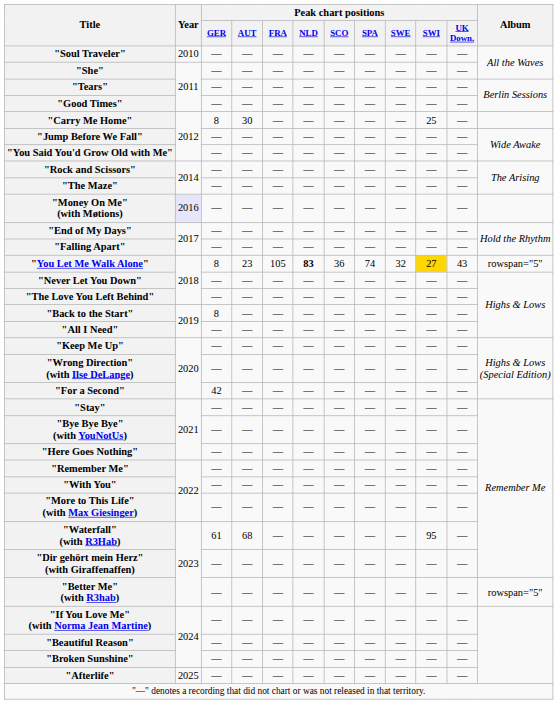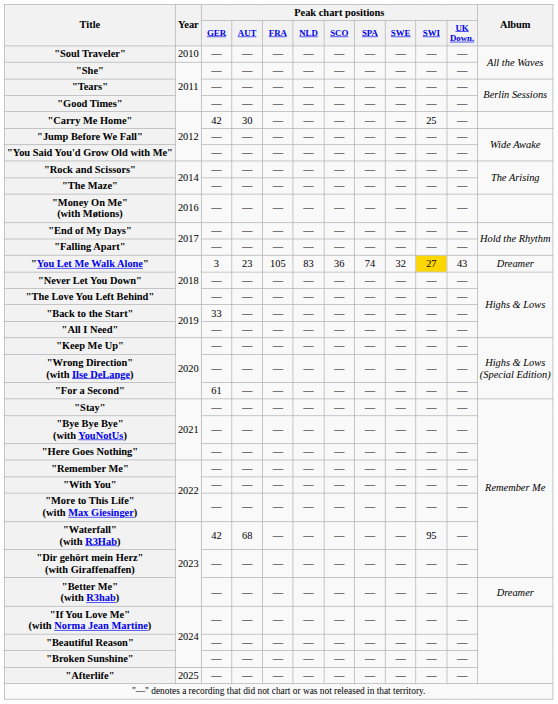 <table class="wikitable plainrowheaders" style="text-align:center;">
 <tr>
 <th scope="col" rowspan="2" style="width:16em;">Title</th>
 <th scope="col" rowspan="2" style="width:1em;">Year</th>
 <th scope="col" colspan="9">Peak chart positions</th>
 <th scope="col" rowspan="2">Album</th>
 </tr>
 <tr>
 <th scope="col" style="width:3em;font-size:85%;"><a href='#'>GER</a><br></th>
 <th scope="col" style="width:3em;font-size:85%;"><a href='#'>AUT</a><br></th>
 <th scope="col" style="width:3em;font-size:85%;"><a href='#'>FRA</a><br></th>
 <th scope="col" style="width:3em;font-size:85%;"><a href='#'>NLD</a><br></th>
 <th scope="col" style="width:3em;font-size:85%;"><a href='#'>SCO</a><br></th>
 <th scope="col" style="width:3em;font-size:85%;"><a href='#'>SPA</a><br></th>
 <th scope="col" style="width:3em;font-size:85%;"><a href='#'>SWE</a><br></th>
 <th scope="col" style="width:3em;font-size:85%;"><a href='#'>SWI</a><br></th>
 <th scope="col" style="width:3em;font-size:85%;"><a href='#'>UK<br>Down.</a><br></th>
 </tr>
 <tr>
 <th scope="row">"Soul Traveler"</th>
 <td>2010</td>
 <td>—</td>
 <td>—</td>
 <td>—</td>
 <td>—</td>
 <td>—</td>
 <td>—</td>
 <td>—</td>
 <td>—</td>
 <td>—</td>
 <td rowspan="2"><em>All the Waves</em></td>
 </tr>
 <tr>
 <th scope="row">"She"</th>
 <td rowspan="3">2011</td>
 <td>—</td>
 <td>—</td>
 <td>—</td>
 <td>—</td>
 <td>—</td>
 <td>—</td>
 <td>—</td>
 <td>—</td>
 <td>—</td>
 </tr>
 <tr>
 <th scope="row">"Tears"</th>
 <td>—</td>
 <td>—</td>
 <td>—</td>
 <td>—</td>
 <td>—</td>
 <td>—</td>
 <td>—</td>
 <td>—</td>
 <td>—</td>
 <td rowspan="2"><em>Berlin Sessions</em></td>
 </tr>
 <tr>
 <th scope="row">"Good Times"</th>
 <td>—</td>
 <td>—</td>
 <td>—</td>
 <td>—</td>
 <td>—</td>
 <td>—</td>
 <td>—</td>
 <td>—</td>
 <td>—</td>
 </tr>
 <tr>
 <th scope="row">"Carry Me Home"</th>
 <td rowspan="3">2012</td>
-<td>8</td>
+<td>42</td>
 <td>30</td>
 <td>—</td>
 <td>—</td>
 <td>—</td>
 <td>—</td>
 <td>—</td>
 <td>25</td>
 <td>—</td>
 <td></td>
 </tr>
 <tr>
 <th scope="row">"Jump Before We Fall"</th>
 <td>—</td>
 <td>—</td>
 <td>—</td>
 <td>—</td>
 <td>—</td>
 <td>—</td>
 <td>—</td>
 <td>—</td>
 <td>—</td>
 <td rowspan="2"><em>Wide Awake</em></td>
 </tr>
 <tr>
 <th scope="row">"You Said You'd Grow Old with Me"</th>
 <td>—</td>
 <td>—</td>
 <td>—</td>
 <td>—</td>
 <td>—</td>
 <td>—</td>
 <td>—</td>
 <td>—</td>
 <td>—</td>
 </tr>
 <tr>
 <th scope="row">"Rock and Scissors"</th>
 <td rowspan="2">2014</td>
 <td>—</td>
 <td>—</td>
 <td>—</td>
 <td>—</td>
 <td>—</td>
 <td>—</td>
 <td>—</td>
 <td>—</td>
 <td>—</td>
 <td rowspan="2"><em>The Arising</em></td>
 </tr>
 <tr>
 <th scope="row">"The Maze"</th>
 <td>—</td>
 <td>—</td>
 <td>—</td>
 <td>—</td>
 <td>—</td>
 <td>—</td>
 <td>—</td>
 <td>—</td>
 <td>—</td>
 </tr>
 <tr>
 <th scope="row">"Money On Me"<br><span>(with Møtions)</span></th>
-<td style="background: lavender;">2016</td>
+<td>2016</td>
 <td>—</td>
 <td>—</td>
 <td>—</td>
 <td>—</td>
 <td>—</td>
 <td>—</td>
 <td>—</td>
 <td>—</td>
 <td>—</td>
 <td></td>
 </tr>
 <tr>
 <th scope="row">"End of My Days"</th>
 <td rowspan="2">2017</td>
 <td>—</td>
 <td>—</td>
 <td>—</td>
 <td>—</td>
 <td>—</td>
 <td>—</td>
 <td>—</td>
 <td>—</td>
 <td>—</td>
 <td rowspan="2"><em>Hold the Rhythm</em></td>
 </tr>
 <tr>
 <th scope="row">"Falling Apart"</th>
 <td>—</td>
 <td>—</td>
 <td>—</td>
 <td>—</td>
 <td>—</td>
 <td>—</td>
 <td>—</td>
 <td>—</td>
 <td>—</td>
 </tr>
 <tr>
 <th scope="row">"<a href='#'>You Let Me Walk Alone</a>"</th>
 <td rowspan="3">2018</td>
-<td>8</td>
+<td>3</td>
 <td>23</td>
 <td>105</td>
-<td><strong>83</strong></td>
+<td>83</td>
 <td>36</td>
 <td>74</td>
 <td>32</td>
 <td style="background: gold;">27</td>
 <td>43</td>
-<td>rowspan="5" </td>
+<td><em>Dreamer</em></td>
 </tr>
 <tr>
 <th scope="row">"Never Let You Down"</th>
 <td>—</td>
 <td>—</td>
 <td>—</td>
 <td>—</td>
 <td>—</td>
 <td>—</td>
 <td>—</td>
 <td>—</td>
 <td>—</td>
 <td rowspan="4"><em>Highs & Lows</em></td>
 </tr>
 <tr>
 <th scope="row">"The Love You Left Behind"</th>
 <td>—</td>
 <td>—</td>
 <td>—</td>
 <td>—</td>
 <td>—</td>
 <td>—</td>
 <td>—</td>
 <td>—</td>
 <td>—</td>
 </tr>
 <tr>
 <th scope="row">"Back to the Start"</th>
 <td rowspan="2">2019</td>
-<td>8</td>
+<td>33</td>
 <td>—</td>
 <td>—</td>
 <td>—</td>
 <td>—</td>
 <td>—</td>
 <td>—</td>
 <td>—</td>
 <td>—</td>
 </tr>
 <tr>
 <th scope="row">"All I Need"</th>
 <td>—</td>
 <td>—</td>
 <td>—</td>
 <td>—</td>
 <td>—</td>
 <td>—</td>
 <td>—</td>
 <td>—</td>
 <td>—</td>
 </tr>
 <tr>
 <th scope="row">"Keep Me Up"</th>
 <td rowspan="3">2020</td>
 <td>—</td>
 <td>—</td>
 <td>—</td>
 <td>—</td>
 <td>—</td>
 <td>—</td>
 <td>—</td>
 <td>—</td>
 <td>—</td>
 <td rowspan="3"><em>Highs & Lows<br>(Special Edition)</em></td>
 </tr>
 <tr>
 <th scope="row">"Wrong Direction"<br><span>(with <a href='#'>Ilse DeLange</a>)</span></th>
 <td>—</td>
 <td>—</td>
 <td>—</td>
 <td>—</td>
 <td>—</td>
 <td>—</td>
 <td>—</td>
 <td>—</td>
 <td>—</td>
 </tr>
 <tr>
 <th scope="row">"For a Second"</th>
-<td>42</td>
+<td>61</td>
 <td>—</td>
 <td>—</td>
 <td>—</td>
 <td>—</td>
 <td>—</td>
 <td>—</td>
 <td>—</td>
 <td>—</td>
 </tr>
 <tr>
 <th scope="row">"Stay"</th>
 <td rowspan="3">2021</td>
 <td>—</td>
 <td>—</td>
 <td>—</td>
 <td>—</td>
 <td>—</td>
 <td>—</td>
 <td>—</td>
 <td>—</td>
 <td>—</td>
 <td rowspan="8"><em>Remember Me</em></td>
 </tr>
 <tr>
 <th scope="row">"Bye Bye Bye"<br><span>(with <a href='#'>YouNotUs</a>)</span></th>
 <td>—</td>
 <td>—</td>
 <td>—</td>
 <td>—</td>
 <td>—</td>
 <td>—</td>
 <td>—</td>
 <td>—</td>
 <td>—</td>
 </tr>
 <tr>
 <th scope="row">"Here Goes Nothing"</th>
 <td>—</td>
 <td>—</td>
 <td>—</td>
 <td>—</td>
 <td>—</td>
 <td>—</td>
 <td>—</td>
 <td>—</td>
 <td>—</td>
 </tr>
 <tr>
 <th scope="row">"Remember Me"</th>
 <td rowspan="3">2022</td>
 <td>—</td>
 <td>—</td>
 <td>—</td>
 <td>—</td>
 <td>—</td>
 <td>—</td>
 <td>—</td>
 <td>—</td>
 <td>—</td>
 </tr>
 <tr>
 <th scope="row">"With You"</th>
 <td>—</td>
 <td>—</td>
 <td>—</td>
 <td>—</td>
 <td>—</td>
 <td>—</td>
 <td>—</td>
 <td>—</td>
 <td>—</td>
 </tr>
 <tr>
 <th scope="row">"More to This Life"<br><span>(with <a href='#'>Max Giesinger</a>)</span></th>
 <td>—</td>
 <td>—</td>
 <td>—</td>
 <td>—</td>
 <td>—</td>
 <td>—</td>
 <td>—</td>
 <td>—</td>
 <td>—</td>
 </tr>
 <tr>
 <th scope="row">"Waterfall"<br><span>(with <a href='#'>R3Hab</a>)</span></th>
 <td rowspan="3">2023</td>
-<td>61</td>
+<td>42</td>
 <td>68</td>
 <td>—</td>
 <td>—</td>
 <td>—</td>
 <td>—</td>
 <td>—</td>
 <td>95</td>
 <td>—</td>
 </tr>
 <tr>
 <th scope="row">"Dir gehört mein Herz"<br><span>(with Giraffenaffen)</span></th>
 <td>—</td>
 <td>—</td>
 <td>—</td>
 <td>—</td>
 <td>—</td>
 <td>—</td>
 <td>—</td>
 <td>—</td>
 <td>—</td>
 </tr>
 <tr>
 <th scope="row">"Better Me"<br><span>(with <a href='#'>R3hab</a>)</span></th>
 <td>—</td>
 <td>—</td>
 <td>—</td>
 <td>—</td>
 <td>—</td>
 <td>—</td>
 <td>—</td>
 <td>—</td>
 <td>—</td>
-<td>rowspan="5" </td>
+<td><em>Dreamer</em></td>
 </tr>
 <tr>
 <th scope="row">"If You Love Me"<br><span>(with <a href='#'>Norma Jean Martine</a>)</span></th>
 <td rowspan="3">2024</td>
 <td>—</td>
 <td>—</td>
 <td>—</td>
 <td>—</td>
 <td>—</td>
 <td>—</td>
 <td>—</td>
 <td>—</td>
 <td>—</td>
 </tr>
 <tr>
 <th scope="row">"Beautiful Reason"</th>
 <td>—</td>
 <td>—</td>
 <td>—</td>
 <td>—</td>
 <td>—</td>
 <td>—</td>
 <td>—</td>
 <td>—</td>
 <td>—</td>
 </tr>
 <tr>
 <th scope="row">"Broken Sunshine"</th>
 <td>—</td>
 <td>—</td>
 <td>—</td>
 <td>—</td>
 <td>—</td>
 <td>—</td>
 <td>—</td>
 <td>—</td>
 <td>—</td>
 </tr>
 <tr>
 <th scope="row">"Afterlife"</th>
 <td>2025</td>
 <td>—</td>
 <td>—</td>
 <td>—</td>
 <td>—</td>
 <td>—</td>
 <td>—</td>
 <td>—</td>
 <td>—</td>
 <td>—</td>
 </tr>
 <tr>
 <td colspan="14" style="font-size:90%">"—" denotes a recording that did not chart or was not released in that territory.</td>
 </tr>
 </table>
